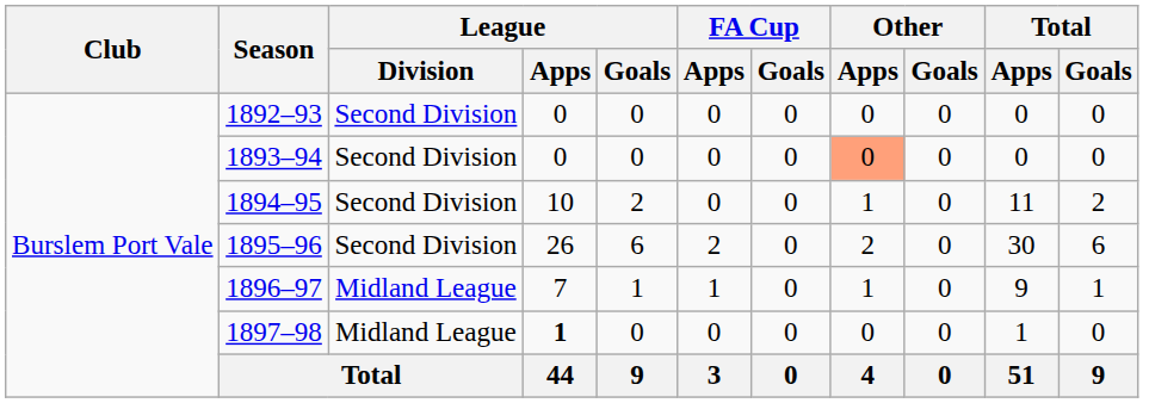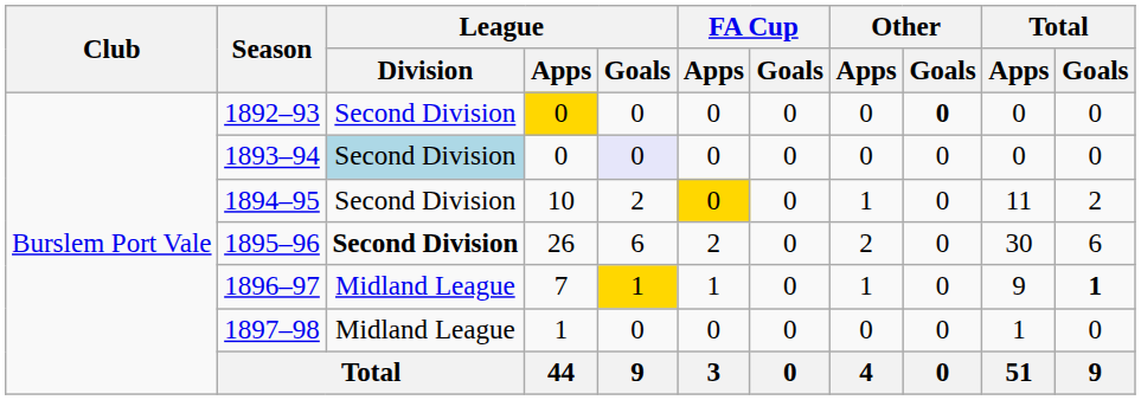 <table class="wikitable" style="text-align:center">
 <tr>
 <th rowspan="2">Club</th>
 <th rowspan="2">Season</th>
 <th colspan="3">League</th>
 <th colspan="2"><a href='#'>FA Cup</a></th>
 <th colspan="2">Other</th>
 <th colspan="2">Total</th>
 </tr>
 <tr>
 <th>Division</th>
 <th>Apps</th>
 <th>Goals</th>
 <th>Apps</th>
 <th>Goals</th>
 <th>Apps</th>
 <th>Goals</th>
 <th>Apps</th>
 <th>Goals</th>
 </tr>
 <tr>
 <td rowspan="7"><a href='#'>Burslem Port Vale</a></td>
 <td><a href='#'>1892–93</a></td>
 <td><a href='#'>Second Division</a></td>
+<td style="background: gold;">0</td>
 <td>0</td>
 <td>0</td>
 <td>0</td>
 <td>0</td>
-<td>0</td>
-<td>0</td>
+<td><strong>0</strong></td>
 <td>0</td>
 <td>0</td>
 </tr>
 <tr>
 <td><a href='#'>1893–94</a></td>
-<td>Second Division</td>
+<td style="background: lightblue;">Second Division</td>
+<td>0</td>
+<td style="background: lavender;">0</td>
 <td>0</td>
 <td>0</td>
 <td>0</td>
-<td>0</td>
-<td style="background: lightsalmon;">0</td>
 <td>0</td>
 <td>0</td>
 <td>0</td>
 </tr>
 <tr>
 <td><a href='#'>1894–95</a></td>
 <td>Second Division</td>
 <td>10</td>
 <td>2</td>
-<td>0</td>
+<td style="background: gold;">0</td>
 <td>0</td>
 <td>1</td>
 <td>0</td>
 <td>11</td>
 <td>2</td>
 </tr>
 <tr>
 <td><a href='#'>1895–96</a></td>
-<td>Second Division</td>
+<td><strong>Second Division</strong></td>
 <td>26</td>
 <td>6</td>
 <td>2</td>
 <td>0</td>
 <td>2</td>
 <td>0</td>
 <td>30</td>
 <td>6</td>
 </tr>
 <tr>
 <td><a href='#'>1896–97</a></td>
 <td><a href='#'>Midland League</a></td>
 <td>7</td>
-<td>1</td>
+<td style="background: gold;">1</td>
 <td>1</td>
 <td>0</td>
 <td>1</td>
 <td>0</td>
 <td>9</td>
-<td>1</td>
+<td><strong>1</strong></td>
 </tr>
 <tr>
 <td><a href='#'>1897–98</a></td>
 <td>Midland League</td>
-<td><strong>1</strong></td>
+<td>1</td>
 <td>0</td>
 <td>0</td>
 <td>0</td>
 <td>0</td>
 <td>0</td>
 <td>1</td>
 <td>0</td>
 </tr>
 <tr>
 <th colspan="2">Total</th>
 <th>44</th>
 <th>9</th>
 <th>3</th>
 <th>0</th>
 <th>4</th>
 <th>0</th>
 <th>51</th>
 <th>9</th>
 </tr>
 </table>
